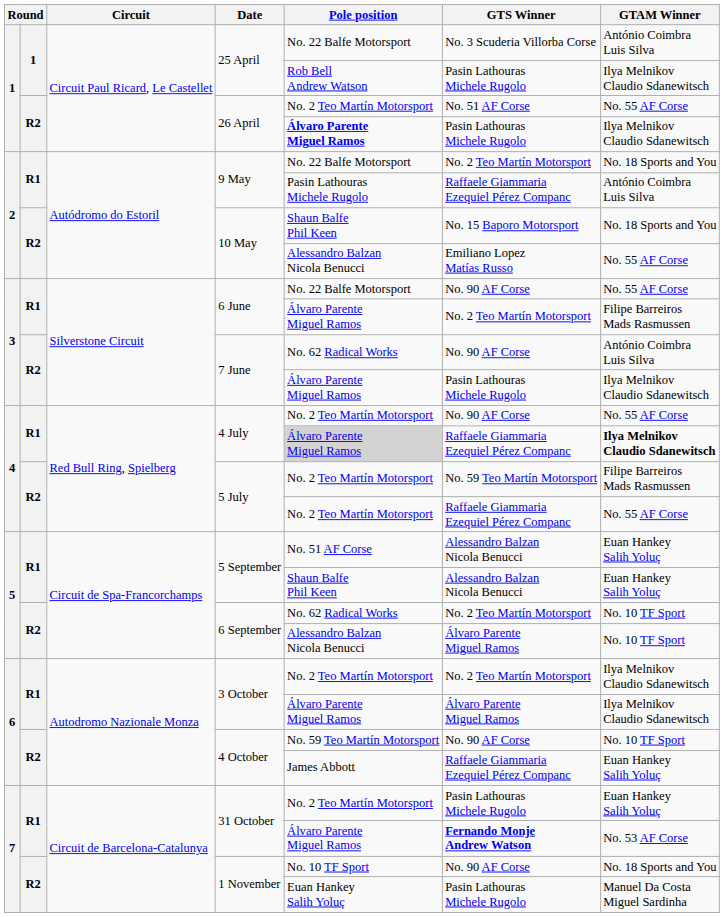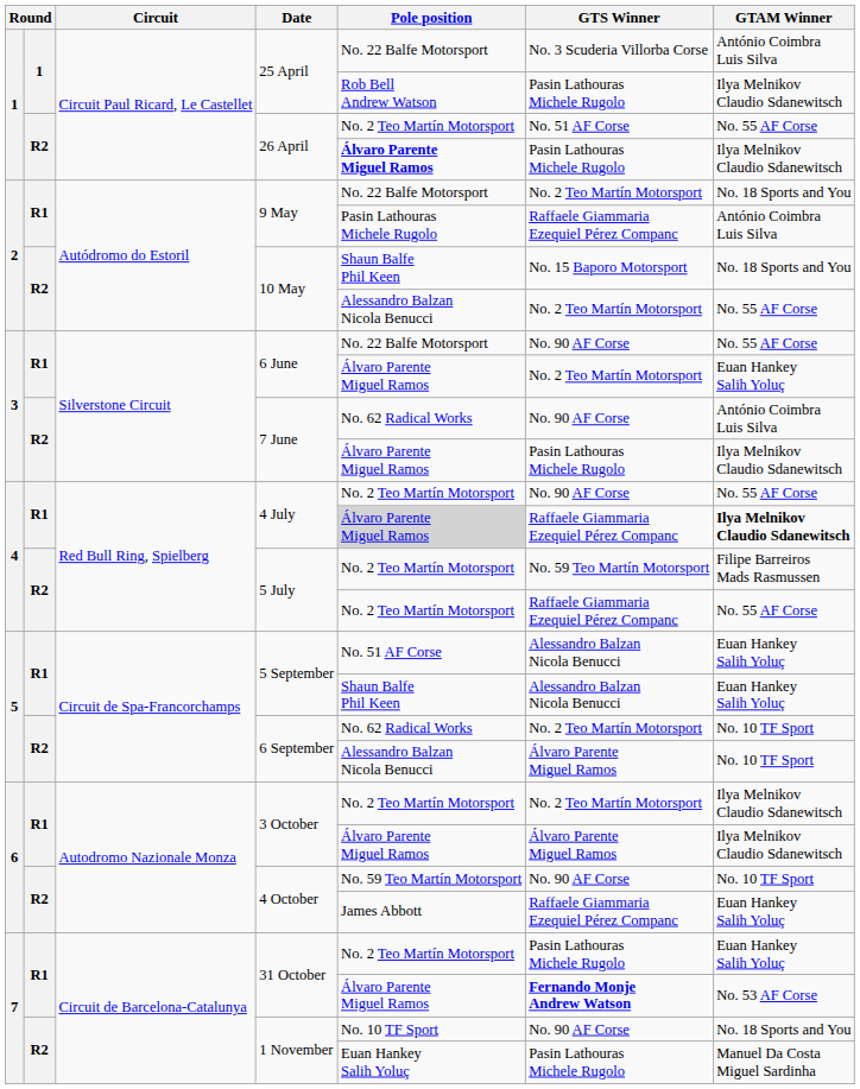 <table class="wikitable" style="font-size: 85%;">
 <tr>
 <th colspan=2>Round</th>
 <th>Circuit</th>
 <th>Date</th>
 <th><a href='#'>Pole position</a></th>
 <th>GTS Winner</th>
 <th>GTAM Winner</th>
 </tr>
 <tr>
 <th rowspan=4>1</th>
 <th rowspan=2>1</th>
 <td rowspan=4> <a href='#'>Circuit Paul Ricard</a>, <a href='#'>Le Castellet</a></td>
 <td rowspan=2>25 April</td>
 <td> No. 22 Balfe Motorsport</td>
 <td> No. 3 Scuderia Villorba Corse</td>
 <td> António Coimbra<br> Luis Silva</td>
 </tr>
 <tr>
 <td> <a href='#'>Rob Bell</a><br> <a href='#'>Andrew Watson</a></td>
 <td> Pasin Lathouras<br> <a href='#'>Michele Rugolo</a></td>
 <td> Ilya Melnikov<br> Claudio Sdanewitsch</td>
 </tr>
 <tr>
 <th rowspan=2>R2</th>
 <td rowspan=2>26 April</td>
 <td> No. 2 <a href='#'>Teo Martín Motorsport</a></td>
 <td> No. 51 <a href='#'>AF Corse</a></td>
 <td> No. 55 <a href='#'>AF Corse</a></td>
 </tr>
 <tr>
 <td><strong> <a href='#'>Álvaro Parente</a><br> <a href='#'>Miguel Ramos</a></strong></td>
 <td> Pasin Lathouras<br> <a href='#'>Michele Rugolo</a></td>
 <td> Ilya Melnikov<br> Claudio Sdanewitsch</td>
 </tr>
 <tr>
 <th rowspan=4>2</th>
 <th rowspan=2>R1</th>
 <td rowspan=4> <a href='#'>Autódromo do Estoril</a></td>
 <td rowspan=2>9 May</td>
 <td> No. 22 Balfe Motorsport</td>
 <td> No. 2 <a href='#'>Teo Martín Motorsport</a></td>
 <td> No. 18 Sports and You</td>
 </tr>
 <tr>
 <td> Pasin Lathouras<br> <a href='#'>Michele Rugolo</a></td>
 <td> <a href='#'>Raffaele Giammaria</a><br> <a href='#'>Ezequiel Pérez Companc</a></td>
 <td> António Coimbra<br> Luis Silva</td>
 </tr>
 <tr>
 <th rowspan=2>R2</th>
 <td rowspan=2>10 May</td>
 <td> <a href='#'>Shaun Balfe</a><br> <a href='#'>Phil Keen</a></td>
 <td> No. 15 <a href='#'>Baporo Motorsport</a></td>
 <td> No. 18 Sports and You</td>
 </tr>
 <tr>
 <td> <a href='#'>Alessandro Balzan</a><br> Nicola Benucci</td>
-<td> Emiliano Lopez<br> <a href='#'>Matías Russo</a></td>
+<td> No. 2 <a href='#'>Teo Martín Motorsport</a></td>
 <td> No. 55 <a href='#'>AF Corse</a></td>
 </tr>
 <tr>
 <th rowspan=4>3</th>
 <th rowspan=2>R1</th>
 <td rowspan=4> <a href='#'>Silverstone Circuit</a></td>
 <td rowspan=2>6 June</td>
 <td> No. 22 Balfe Motorsport</td>
 <td> No. 90 <a href='#'>AF Corse</a></td>
 <td> No. 55 <a href='#'>AF Corse</a></td>
 </tr>
 <tr>
 <td> <a href='#'>Álvaro Parente</a><br> <a href='#'>Miguel Ramos</a></td>
 <td> No. 2 <a href='#'>Teo Martín Motorsport</a></td>
-<td> Filipe Barreiros<br> Mads Rasmussen</td>
+<td> Euan Hankey<br> <a href='#'>Salih Yoluç</a></td>
 </tr>
 <tr>
 <th rowspan=2>R2</th>
 <td rowspan=2>7 June</td>
 <td> No. 62 <a href='#'>Radical Works</a></td>
 <td> No. 90 <a href='#'>AF Corse</a></td>
 <td> António Coimbra<br> Luis Silva</td>
 </tr>
 <tr>
 <td> <a href='#'>Álvaro Parente</a><br> <a href='#'>Miguel Ramos</a></td>
 <td> Pasin Lathouras<br> <a href='#'>Michele Rugolo</a></td>
 <td> Ilya Melnikov<br> Claudio Sdanewitsch</td>
 </tr>
 <tr>
 <th rowspan=4>4</th>
 <th rowspan=2>R1</th>
 <td rowspan=4> <a href='#'>Red Bull Ring</a>, <a href='#'>Spielberg</a></td>
 <td rowspan=2>4 July</td>
 <td> No. 2 <a href='#'>Teo Martín Motorsport</a></td>
 <td> No. 90 <a href='#'>AF Corse</a></td>
 <td> No. 55 <a href='#'>AF Corse</a></td>
 </tr>
 <tr>
 <td style="background: lightgrey;"> <a href='#'>Álvaro Parente</a><br> <a href='#'>Miguel Ramos</a></td>
 <td> <a href='#'>Raffaele Giammaria</a><br> <a href='#'>Ezequiel Pérez Companc</a></td>
 <td><strong> Ilya Melnikov<br> Claudio Sdanewitsch</strong></td>
 </tr>
 <tr>
 <th rowspan=2>R2</th>
 <td rowspan=2>5 July</td>
 <td> No. 2 <a href='#'>Teo Martín Motorsport</a></td>
 <td> No. 59 <a href='#'>Teo Martín Motorsport</a></td>
 <td> Filipe Barreiros<br> Mads Rasmussen</td>
 </tr>
 <tr>
 <td> No. 2 <a href='#'>Teo Martín Motorsport</a></td>
 <td> <a href='#'>Raffaele Giammaria</a><br> <a href='#'>Ezequiel Pérez Companc</a></td>
 <td> No. 55 <a href='#'>AF Corse</a></td>
 </tr>
 <tr>
 <th rowspan=4>5</th>
 <th rowspan=2>R1</th>
 <td rowspan=4> <a href='#'>Circuit de Spa-Francorchamps</a></td>
 <td rowspan=2>5 September</td>
 <td> No. 51 <a href='#'>AF Corse</a></td>
 <td> <a href='#'>Alessandro Balzan</a><br> Nicola Benucci</td>
 <td> Euan Hankey<br> <a href='#'>Salih Yoluç</a></td>
 </tr>
 <tr>
 <td> <a href='#'>Shaun Balfe</a><br> <a href='#'>Phil Keen</a></td>
 <td> <a href='#'>Alessandro Balzan</a><br> Nicola Benucci</td>
 <td> Euan Hankey<br> <a href='#'>Salih Yoluç</a></td>
 </tr>
 <tr>
 <th rowspan=2>R2</th>
 <td rowspan=2>6 September</td>
 <td> No. 62 <a href='#'>Radical Works</a></td>
 <td> No. 2 <a href='#'>Teo Martín Motorsport</a></td>
 <td> No. 10 <a href='#'>TF Sport</a></td>
 </tr>
 <tr>
 <td> <a href='#'>Alessandro Balzan</a><br> Nicola Benucci</td>
 <td> <a href='#'>Álvaro Parente</a><br> <a href='#'>Miguel Ramos</a></td>
 <td> No. 10 <a href='#'>TF Sport</a></td>
 </tr>
 <tr>
 <th rowspan=4>6</th>
 <th rowspan=2>R1</th>
 <td rowspan=4> <a href='#'>Autodromo Nazionale Monza</a></td>
 <td rowspan=2>3 October</td>
 <td> No. 2 <a href='#'>Teo Martín Motorsport</a></td>
 <td> No. 2 <a href='#'>Teo Martín Motorsport</a></td>
 <td> Ilya Melnikov<br> Claudio Sdanewitsch</td>
 </tr>
 <tr>
 <td> <a href='#'>Álvaro Parente</a><br> <a href='#'>Miguel Ramos</a></td>
 <td> <a href='#'>Álvaro Parente</a><br> <a href='#'>Miguel Ramos</a></td>
 <td> Ilya Melnikov<br> Claudio Sdanewitsch</td>
 </tr>
 <tr>
 <th rowspan=2>R2</th>
 <td rowspan=2>4 October</td>
 <td> No. 59 <a href='#'>Teo Martín Motorsport</a></td>
 <td> No. 90 <a href='#'>AF Corse</a></td>
 <td> No. 10 <a href='#'>TF Sport</a></td>
 </tr>
 <tr>
 <td> James Abbott</td>
 <td> <a href='#'>Raffaele Giammaria</a><br> <a href='#'>Ezequiel Pérez Companc</a></td>
 <td> Euan Hankey<br> <a href='#'>Salih Yoluç</a></td>
 </tr>
 <tr>
 <th rowspan=4>7</th>
 <th rowspan=2>R1</th>
 <td rowspan=4> <a href='#'>Circuit de Barcelona-Catalunya</a></td>
 <td rowspan=2>31 October</td>
 <td> No. 2 <a href='#'>Teo Martín Motorsport</a></td>
 <td> Pasin Lathouras<br> <a href='#'>Michele Rugolo</a></td>
 <td> Euan Hankey<br> <a href='#'>Salih Yoluç</a></td>
 </tr>
 <tr>
 <td> <a href='#'>Álvaro Parente</a><br> <a href='#'>Miguel Ramos</a></td>
 <td><strong> <a href='#'>Fernando Monje</a><br> <a href='#'>Andrew Watson</a></strong></td>
 <td> No. 53 <a href='#'>AF Corse</a></td>
 </tr>
 <tr>
 <th rowspan=2>R2</th>
 <td rowspan=2>1 November</td>
 <td> No. 10 <a href='#'>TF Sport</a></td>
 <td> No. 90 <a href='#'>AF Corse</a></td>
 <td> No. 18 Sports and You</td>
 </tr>
 <tr>
 <td> Euan Hankey<br> <a href='#'>Salih Yoluç</a></td>
 <td> Pasin Lathouras<br> <a href='#'>Michele Rugolo</a></td>
 <td> Manuel Da Costa<br> Miguel Sardinha</td>
 </tr>
 </table>
